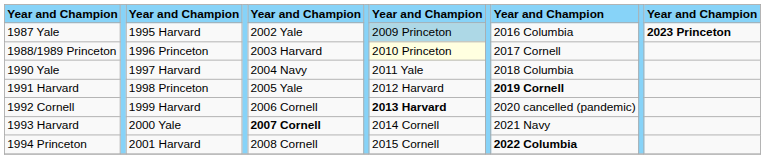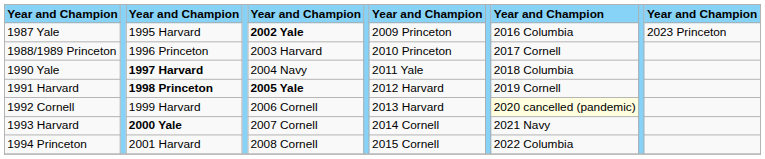 <table class="wikitable" style="font-size:85%;">
 <tr ! style="background-color: #87D3F8;">
 <td><strong>Year and Champion</strong></td>
 <td rowspan=8></td>
 <td><strong>Year and Champion</strong></td>
 <td rowspan=8></td>
 <td><strong>Year and Champion</strong></td>
 <td rowspan=8></td>
 <td><strong>Year and Champion</strong></td>
 <td rowspan=8></td>
 <td><strong>Year and Champion</strong></td>
 <td rowspan=8></td>
 <td><strong>Year and Champion</strong></td>
 </tr>
 <tr --->
 <td>1987 Yale</td>
 <td>1995 Harvard</td>
-<td>2002 Yale</td>
-<td style="background: lightblue;">2009 Princeton</td>
+<td><strong>2002 Yale</strong></td>
+<td>2009 Princeton</td>
 <td>2016 Columbia</td>
-<td><strong>2023 Princeton</strong></td>
+<td>2023 Princeton</td>
 </tr>
 <tr --->
 <td>1988/1989 Princeton</td>
 <td>1996 Princeton</td>
 <td>2003 Harvard</td>
-<td style="background: lightyellow;">2010 Princeton</td>
+<td>2010 Princeton</td>
 <td>2017 Cornell</td>
 <td></td>
 </tr>
 <tr --->
 <td>1990 Yale</td>
-<td>1997 Harvard</td>
+<td><strong>1997 Harvard</strong></td>
 <td>2004 Navy</td>
 <td>2011 Yale</td>
 <td>2018 Columbia</td>
 <td></td>
 </tr>
 <tr --->
 <td>1991 Harvard</td>
-<td>1998 Princeton</td>
-<td>2005 Yale</td>
+<td><strong>1998 Princeton</strong></td>
+<td><strong>2005 Yale</strong></td>
 <td>2012 Harvard</td>
-<td><strong>2019 Cornell</strong></td>
+<td>2019 Cornell</td>
 <td></td>
 </tr>
 <tr --->
 <td>1992 Cornell</td>
 <td>1999 Harvard</td>
 <td>2006 Cornell</td>
-<td><strong>2013 Harvard</strong></td>
-<td>2020 cancelled (pandemic)</td>
+<td>2013 Harvard</td>
+<td style="background: lightyellow;">2020 cancelled (pandemic)</td>
 <td></td>
 </tr>
 <tr --->
 <td>1993 Harvard</td>
-<td>2000 Yale</td>
-<td><strong>2007 Cornell</strong></td>
+<td><strong>2000 Yale</strong></td>
+<td>2007 Cornell</td>
 <td>2014 Cornell</td>
 <td>2021 Navy</td>
 <td></td>
 </tr>
 <tr --->
 <td>1994 Princeton</td>
 <td>2001 Harvard</td>
 <td>2008 Cornell</td>
 <td>2015 Cornell</td>
-<td><strong>2022 Columbia</strong></td>
+<td>2022 Columbia</td>
 <td></td>
 </tr>
 <tr --->
 </tr>
 </table>
